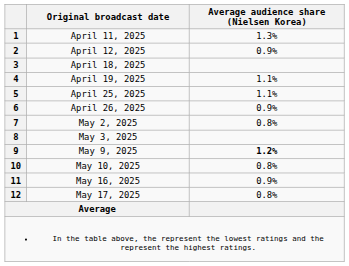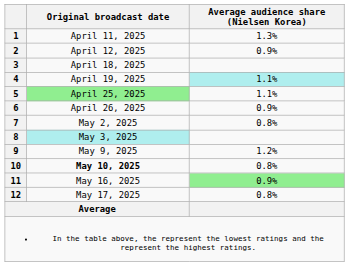 <table class="wikitable" style="margin-left:auto; margin-right:auto; width:500px; text-align:center">
 <tr>
 <th scope="col"></th>
 <th scope="col">Original broadcast date</th>
 <th scope="col">Average audience share<br>(Nielsen Korea)</th>
 </tr>
 <tr>
 <th scope="col">1</th>
 <td>April 11, 2025</td>
 <td>1.3% </td>
 </tr>
 <tr>
 <th scope="col">2</th>
 <td>April 12, 2025</td>
 <td>0.9% </td>
 </tr>
 <tr>
 <th scope="col">3</th>
 <td>April 18, 2025</td>
 <td><strong></strong> </td>
 </tr>
 <tr>
 <th scope="col">4</th>
 <td>April 19, 2025</td>
-<td>1.1% </td>
+<td style="background: paleturquoise;">1.1% </td>
 </tr>
 <tr>
 <th scope="col">5</th>
-<td>April 25, 2025</td>
+<td style="background: lightgreen;">April 25, 2025</td>
 <td>1.1% </td>
 </tr>
 <tr>
 <th scope="col">6</th>
 <td>April 26, 2025</td>
 <td>0.9% </td>
 </tr>
 <tr>
 <th scope="col">7</th>
 <td>May 2, 2025</td>
 <td>0.8% </td>
 </tr>
 <tr>
 <th scope="col">8</th>
-<td>May 3, 2025</td>
+<td style="background: paleturquoise;">May 3, 2025</td>
 <td><strong></strong> </td>
 </tr>
 <tr>
 <th scope="col">9</th>
 <td>May 9, 2025</td>
-<td><strong>1.2% </strong></td>
+<td>1.2% </td>
 </tr>
 <tr>
 <th scope="col">10</th>
-<td>May 10, 2025</td>
+<td><strong>May 10, 2025</strong></td>
 <td>0.8% </td>
 </tr>
 <tr>
 <th scope="col">11</th>
 <td>May 16, 2025</td>
-<td>0.9% </td>
+<td style="background: lightgreen;">0.9% </td>
 </tr>
 <tr>
 <th scope="col">12</th>
 <td>May 17, 2025</td>
 <td>0.8% </td>
 </tr>
 <tr>
 <th colspan="2" scope="col">Average</th>
 <th scope="col"></th>
 </tr>
 <tr>
 <td colspan="3" style="font-size:85%"><br><ul><li>In the table above, the <strong></strong> represent the lowest ratings and the <strong></strong> represent the highest ratings.</li></ul></td>
 </tr>
 </table>
